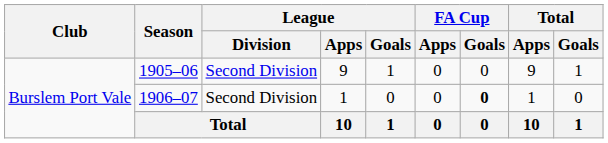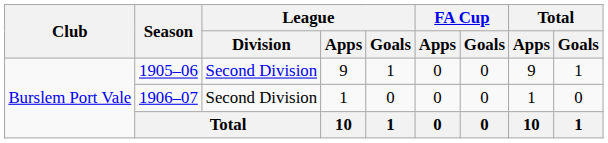 <table class="wikitable" style="text-align:center">
 <tr>
 <th rowspan="2">Club</th>
 <th rowspan="2">Season</th>
 <th colspan="3">League</th>
 <th colspan="2"><a href='#'>FA Cup</a></th>
 <th colspan="2">Total</th>
 </tr>
 <tr>
 <th>Division</th>
 <th>Apps</th>
 <th>Goals</th>
 <th>Apps</th>
 <th>Goals</th>
 <th>Apps</th>
 <th>Goals</th>
 </tr>
 <tr>
 <td rowspan="3"><a href='#'>Burslem Port Vale</a></td>
 <td><a href='#'>1905–06</a></td>
 <td><a href='#'>Second Division</a></td>
 <td>9</td>
 <td>1</td>
 <td>0</td>
 <td>0</td>
 <td>9</td>
 <td>1</td>
 </tr>
 <tr>
 <td><a href='#'>1906–07</a></td>
 <td>Second Division</td>
 <td>1</td>
 <td>0</td>
 <td>0</td>
-<td><strong>0</strong></td>
+<td>0</td>
 <td>1</td>
 <td>0</td>
 </tr>
 <tr>
 <th colspan="2">Total</th>
 <th>10</th>
 <th>1</th>
 <th>0</th>
 <th>0</th>
 <th>10</th>
 <th>1</th>
 </tr>
 </table>
